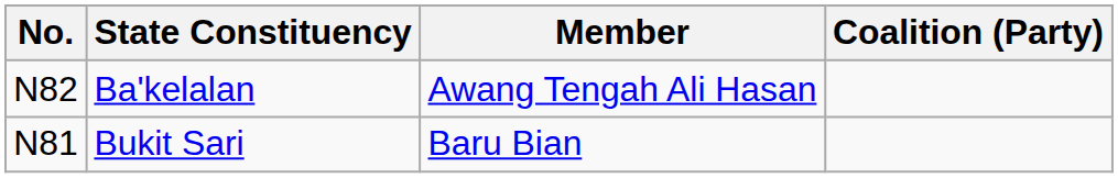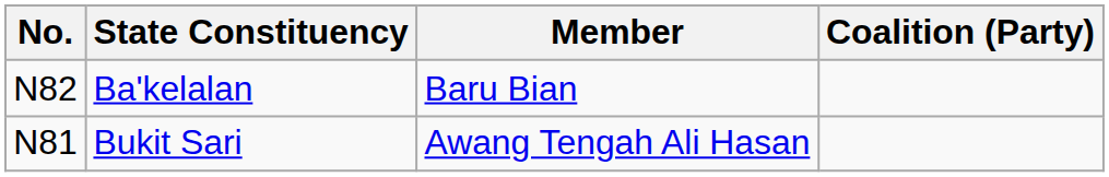 <table class="wikitable">
 <tr>
 <th>No.</th>
 <th>State Constituency</th>
 <th>Member</th>
 <th>Coalition (Party)</th>
 </tr>
 <tr>
 <td>N82</td>
 <td><a href='#'>Ba'kelalan</a></td>
-<td><a href='#'>Awang Tengah Ali Hasan</a></td>
+<td><a href='#'>Baru Bian</a></td>
 <td></td>
 </tr>
 <tr>
 <td>N81</td>
 <td><a href='#'>Bukit Sari</a></td>
-<td><a href='#'>Baru Bian</a></td>
+<td><a href='#'>Awang Tengah Ali Hasan</a></td>
 <td></td>
 </tr>
 </table>
